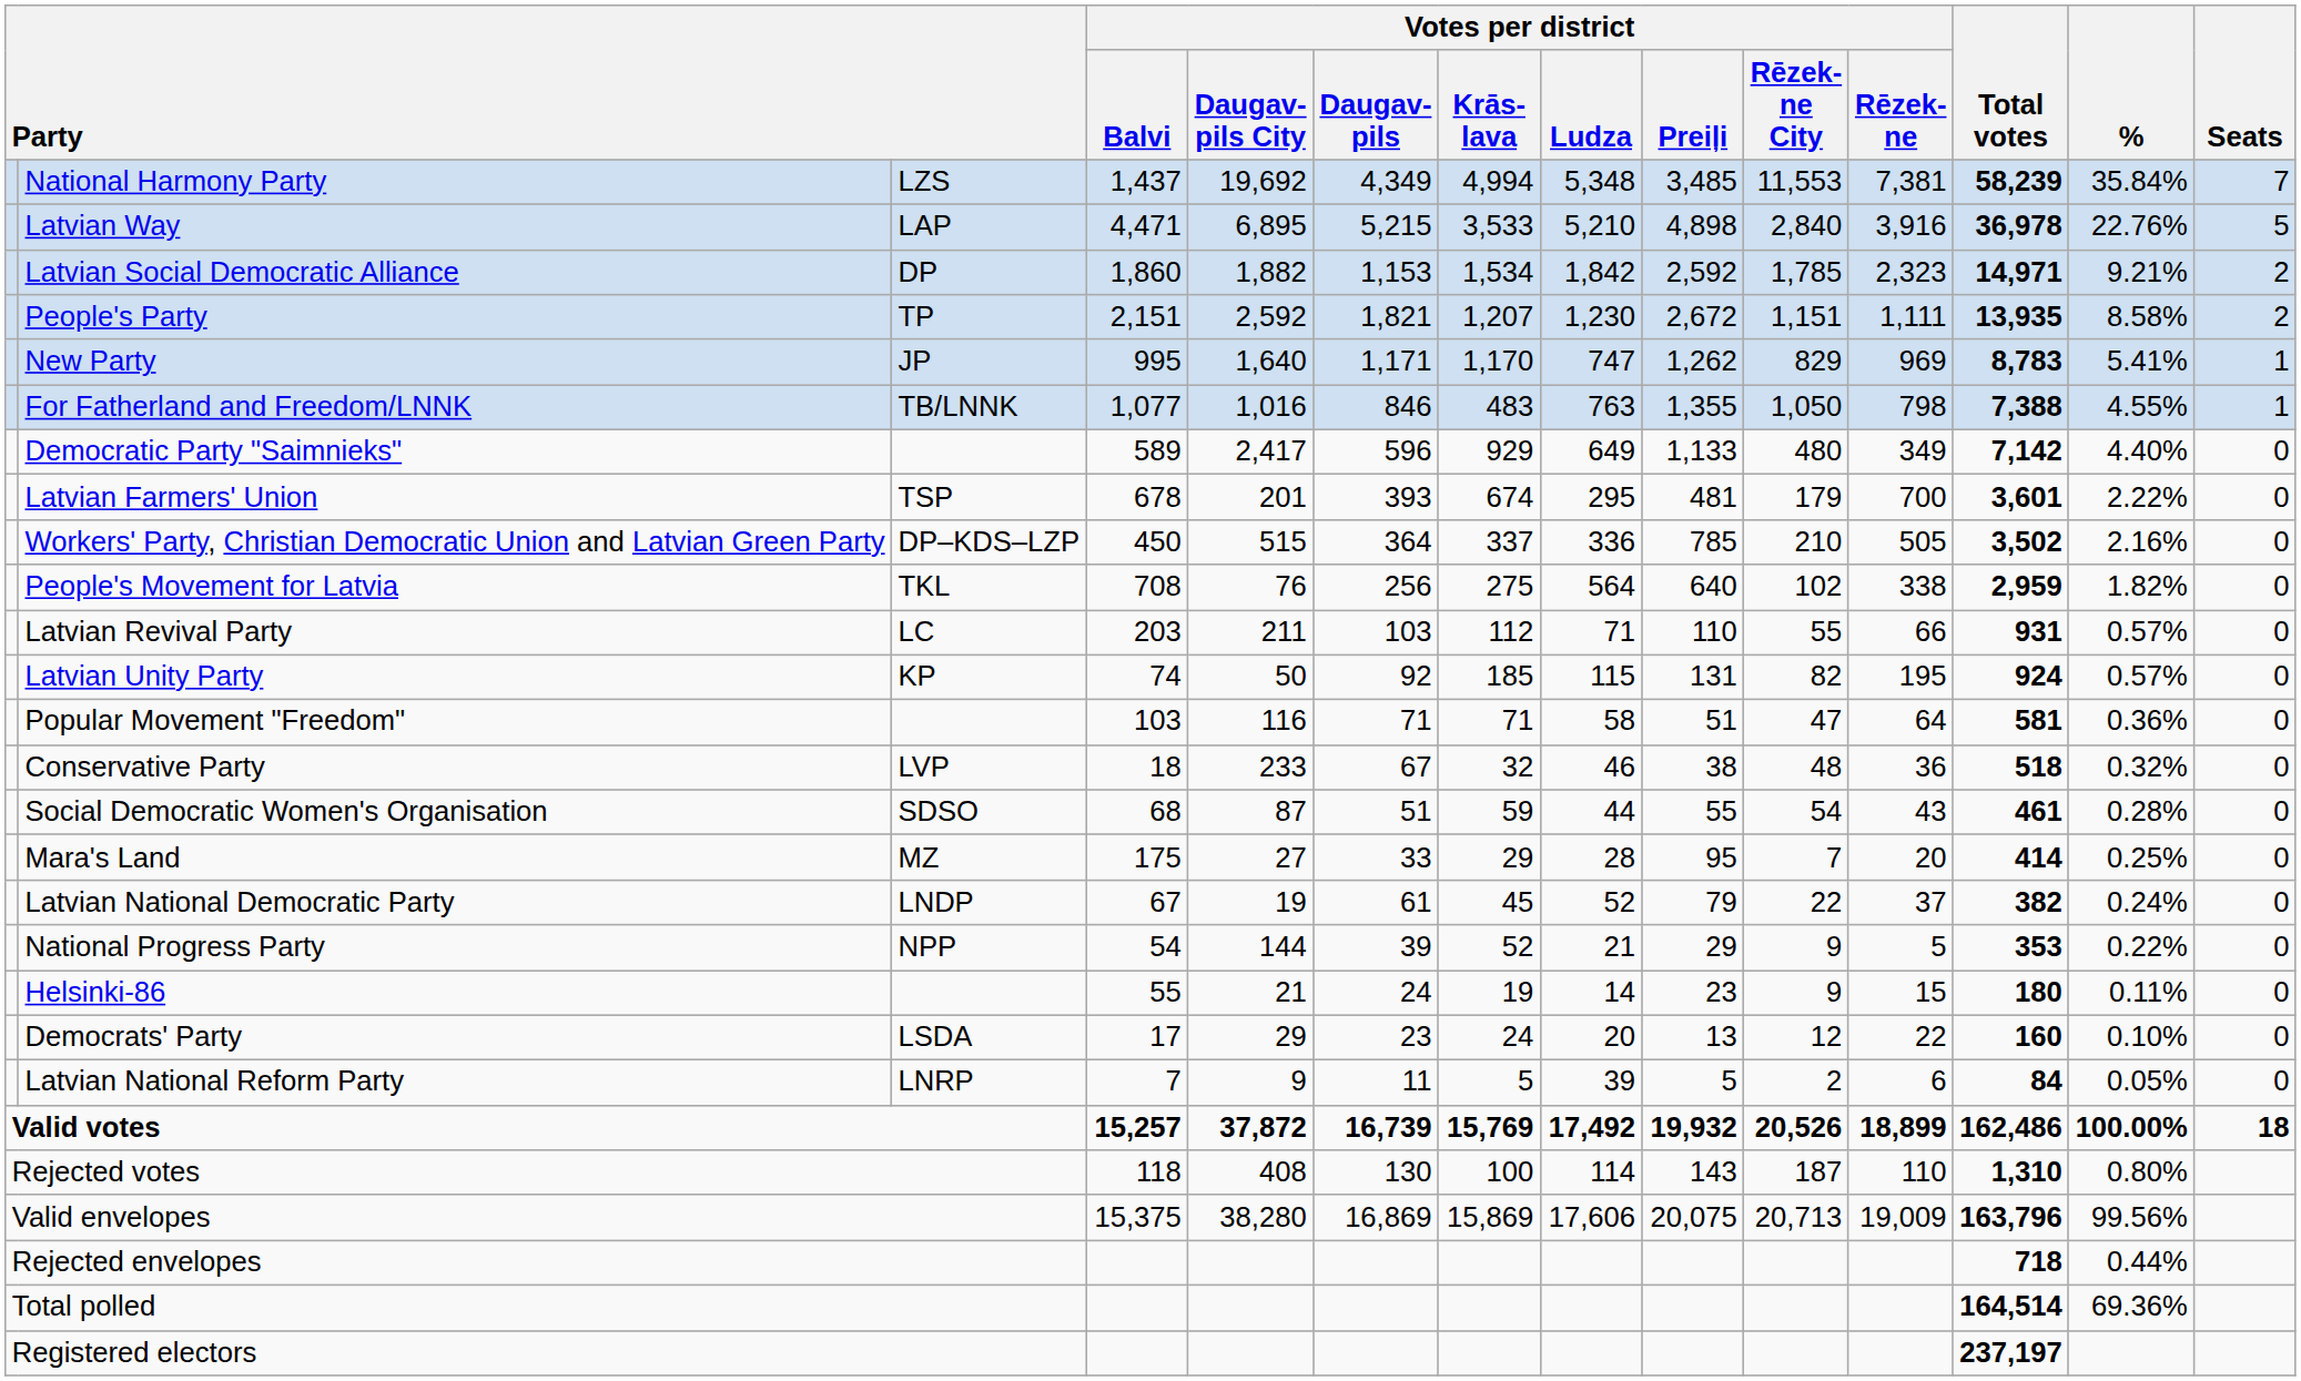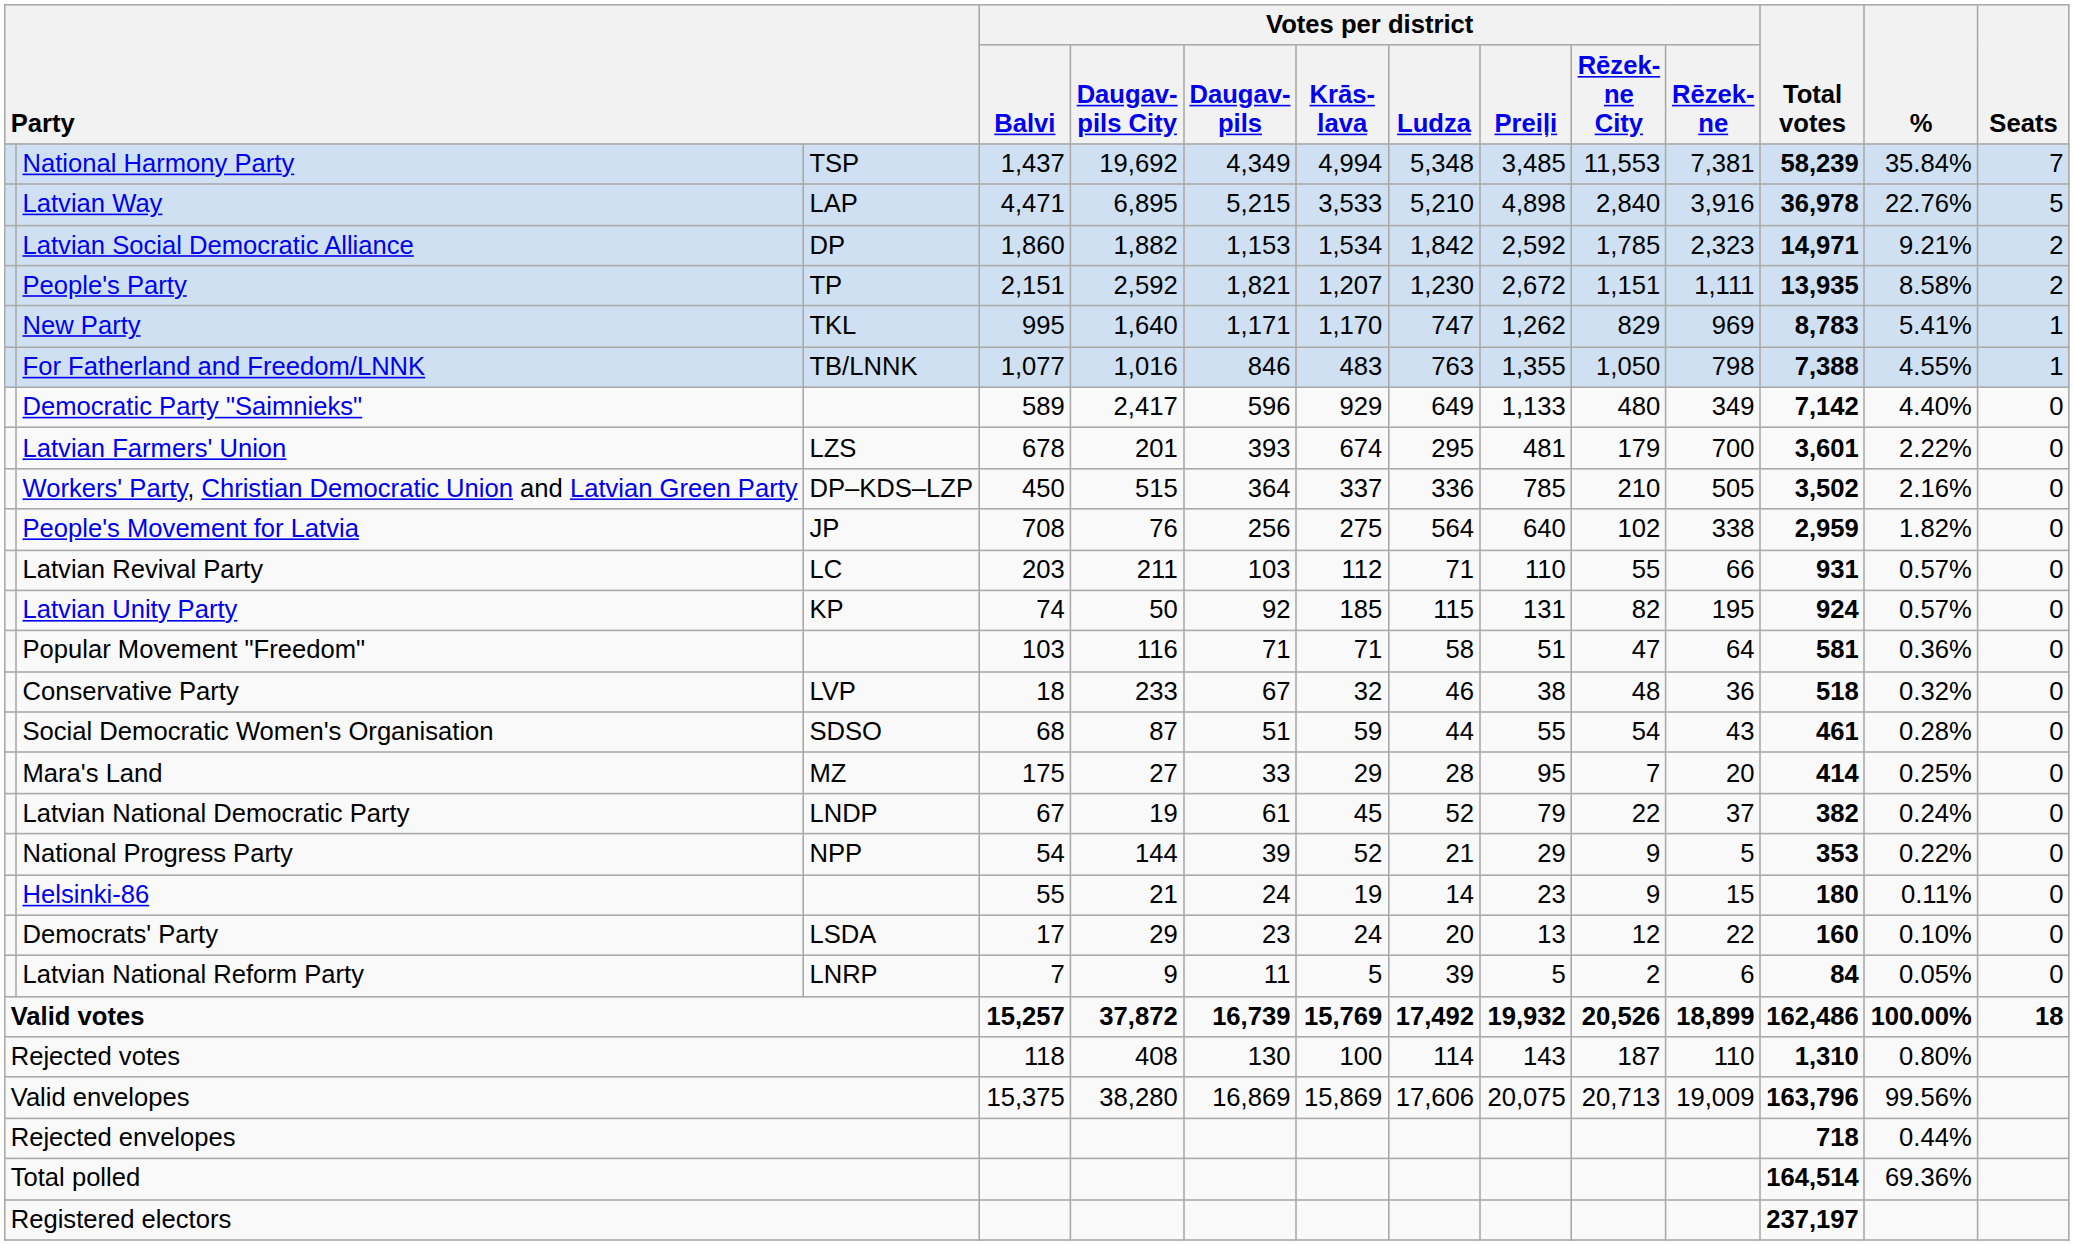 <table class="wikitable" border="1" style="text-align:right;">
 <tr>
 <th style="text-align:left;" valign=bottom rowspan=2 colspan=3>Party</th>
 <th colspan=8>Votes per district</th>
 <th align=center valign=bottom rowspan=2 width="50">Total votes</th>
 <th align=center valign=bottom rowspan=2 width="50">%</th>
 <th align=center valign=bottom rowspan=2 width="50">Seats</th>
 </tr>
 <tr>
 <th align=center valign=bottom width="50"><a href='#'>Balvi</a></th>
 <th align=center valign=bottom width="50"><a href='#'>Daugav- pils City</a></th>
 <th align=center valign=bottom width="50"><a href='#'>Daugav- pils</a></th>
 <th align=center valign=bottom width="50"><a href='#'>Krās- lava</a></th>
 <th align=center valign=bottom width="50"><a href='#'>Ludza</a></th>
 <th align=center valign=bottom width="50"><a href='#'>Preiļi</a></th>
 <th align=center valign=bottom width="50"><a href='#'>Rēzek- ne City</a></th>
 <th align=center valign=bottom width="50"><a href='#'>Rēzek- ne</a></th>
 </tr>
 <tr style="background:#CEE0F2;">
 <td></td>
 <td align=left><a href='#'>National Harmony Party</a></td>
-<td align=left>LZS</td>
+<td align=left>TSP</td>
 <td>1,437</td>
 <td>19,692</td>
 <td>4,349</td>
 <td>4,994</td>
 <td>5,348</td>
 <td>3,485</td>
 <td>11,553</td>
 <td>7,381</td>
 <td><strong>58,239</strong></td>
 <td>35.84%</td>
 <td>7</td>
 </tr>
 <tr style="background:#CEE0F2;">
 <td></td>
 <td align=left><a href='#'>Latvian Way</a></td>
 <td align=left>LAP</td>
 <td>4,471</td>
 <td>6,895</td>
 <td>5,215</td>
 <td>3,533</td>
 <td>5,210</td>
 <td>4,898</td>
 <td>2,840</td>
 <td>3,916</td>
 <td><strong>36,978</strong></td>
 <td>22.76%</td>
 <td>5</td>
 </tr>
 <tr style="background:#CEE0F2;">
 <td></td>
 <td align=left style="white-space: nowrap;"><a href='#'>Latvian Social Democratic Alliance</a></td>
 <td align=left>DP</td>
 <td>1,860</td>
 <td>1,882</td>
 <td>1,153</td>
 <td>1,534</td>
 <td>1,842</td>
 <td>2,592</td>
 <td>1,785</td>
 <td>2,323</td>
 <td><strong>14,971</strong></td>
 <td>9.21%</td>
 <td>2</td>
 </tr>
 <tr style="background:#CEE0F2;">
 <td></td>
 <td align=left><a href='#'>People's Party</a></td>
 <td align=left>TP</td>
 <td>2,151</td>
 <td>2,592</td>
 <td>1,821</td>
 <td>1,207</td>
 <td>1,230</td>
 <td>2,672</td>
 <td>1,151</td>
 <td>1,111</td>
 <td><strong>13,935</strong></td>
 <td>8.58%</td>
 <td>2</td>
 </tr>
 <tr style="background:#CEE0F2;">
 <td></td>
 <td align=left><a href='#'>New Party</a></td>
-<td align=left>JP</td>
+<td align=left>TKL</td>
 <td>995</td>
 <td>1,640</td>
 <td>1,171</td>
 <td>1,170</td>
 <td>747</td>
 <td>1,262</td>
 <td>829</td>
 <td>969</td>
 <td><strong>8,783</strong></td>
 <td>5.41%</td>
 <td>1</td>
 </tr>
 <tr style="background:#CEE0F2;">
 <td></td>
 <td align=left><a href='#'>For Fatherland and Freedom/LNNK</a></td>
 <td align=left>TB/LNNK</td>
 <td>1,077</td>
 <td>1,016</td>
 <td>846</td>
 <td>483</td>
 <td>763</td>
 <td>1,355</td>
 <td>1,050</td>
 <td>798</td>
 <td><strong>7,388</strong></td>
 <td>4.55%</td>
 <td>1</td>
 </tr>
 <tr>
 <td></td>
 <td align=left><a href='#'>Democratic Party "Saimnieks"</a></td>
 <td align=left></td>
 <td>589</td>
 <td>2,417</td>
 <td>596</td>
 <td>929</td>
 <td>649</td>
 <td>1,133</td>
 <td>480</td>
 <td>349</td>
 <td><strong>7,142</strong></td>
 <td>4.40%</td>
 <td>0</td>
 </tr>
 <tr>
 <td></td>
 <td align=left><a href='#'>Latvian Farmers' Union</a></td>
-<td align=left>TSP</td>
+<td align=left>LZS</td>
 <td>678</td>
 <td>201</td>
 <td>393</td>
 <td>674</td>
 <td>295</td>
 <td>481</td>
 <td>179</td>
 <td>700</td>
 <td><strong>3,601</strong></td>
 <td>2.22%</td>
 <td>0</td>
 </tr>
 <tr>
 <td></td>
 <td align=left><a href='#'>Workers' Party</a>, <a href='#'>Christian Democratic Union</a> and <a href='#'>Latvian Green Party</a></td>
 <td align=left>DP–KDS–LZP</td>
 <td>450</td>
 <td>515</td>
 <td>364</td>
 <td>337</td>
 <td>336</td>
 <td>785</td>
 <td>210</td>
 <td>505</td>
 <td><strong>3,502</strong></td>
 <td>2.16%</td>
 <td>0</td>
 </tr>
 <tr>
 <td></td>
 <td align=left><a href='#'>People's Movement for Latvia</a></td>
-<td align=left>TKL</td>
+<td align=left>JP</td>
 <td>708</td>
 <td>76</td>
 <td>256</td>
 <td>275</td>
 <td>564</td>
 <td>640</td>
 <td>102</td>
 <td>338</td>
 <td><strong>2,959</strong></td>
 <td>1.82%</td>
 <td>0</td>
 </tr>
 <tr>
 <td></td>
 <td align=left>Latvian Revival Party</td>
 <td align=left>LC</td>
 <td>203</td>
 <td>211</td>
 <td>103</td>
 <td>112</td>
 <td>71</td>
 <td>110</td>
 <td>55</td>
 <td>66</td>
 <td><strong>931</strong></td>
 <td>0.57%</td>
 <td>0</td>
 </tr>
 <tr>
 <td></td>
 <td align=left><a href='#'>Latvian Unity Party</a></td>
 <td align=left>KP</td>
 <td>74</td>
 <td>50</td>
 <td>92</td>
 <td>185</td>
 <td>115</td>
 <td>131</td>
 <td>82</td>
 <td>195</td>
 <td><strong>924</strong></td>
 <td>0.57%</td>
 <td>0</td>
 </tr>
 <tr>
 <td></td>
 <td align=left>Popular Movement "Freedom"</td>
 <td align=left></td>
 <td>103</td>
 <td>116</td>
 <td>71</td>
 <td>71</td>
 <td>58</td>
 <td>51</td>
 <td>47</td>
 <td>64</td>
 <td><strong>581</strong></td>
 <td>0.36%</td>
 <td>0</td>
 </tr>
 <tr>
 <td></td>
 <td align=left>Conservative Party</td>
 <td align=left>LVP</td>
 <td>18</td>
 <td>233</td>
 <td>67</td>
 <td>32</td>
 <td>46</td>
 <td>38</td>
 <td>48</td>
 <td>36</td>
 <td><strong>518</strong></td>
 <td>0.32%</td>
 <td>0</td>
 </tr>
 <tr>
 <td></td>
 <td align=left>Social Democratic Women's Organisation</td>
 <td align=left>SDSO</td>
 <td>68</td>
 <td>87</td>
 <td>51</td>
 <td>59</td>
 <td>44</td>
 <td>55</td>
 <td>54</td>
 <td>43</td>
 <td><strong>461</strong></td>
 <td>0.28%</td>
 <td>0</td>
 </tr>
 <tr>
 <td></td>
 <td align=left>Mara's Land</td>
 <td align=left>MZ</td>
 <td>175</td>
 <td>27</td>
 <td>33</td>
 <td>29</td>
 <td>28</td>
 <td>95</td>
 <td>7</td>
 <td>20</td>
 <td><strong>414</strong></td>
 <td>0.25%</td>
 <td>0</td>
 </tr>
 <tr>
 <td></td>
 <td align=left>Latvian National Democratic Party</td>
 <td align=left>LNDP</td>
 <td>67</td>
 <td>19</td>
 <td>61</td>
 <td>45</td>
 <td>52</td>
 <td>79</td>
 <td>22</td>
 <td>37</td>
 <td><strong>382</strong></td>
 <td>0.24%</td>
 <td>0</td>
 </tr>
 <tr>
 <td></td>
 <td align=left>National Progress Party</td>
 <td align=left>NPP</td>
 <td>54</td>
 <td>144</td>
 <td>39</td>
 <td>52</td>
 <td>21</td>
 <td>29</td>
 <td>9</td>
 <td>5</td>
 <td><strong>353</strong></td>
 <td>0.22%</td>
 <td>0</td>
 </tr>
 <tr>
 <td></td>
 <td align=left><a href='#'>Helsinki-86</a></td>
 <td align=left></td>
 <td>55</td>
 <td>21</td>
 <td>24</td>
 <td>19</td>
 <td>14</td>
 <td>23</td>
 <td>9</td>
 <td>15</td>
 <td><strong>180</strong></td>
 <td>0.11%</td>
 <td>0</td>
 </tr>
 <tr>
 <td></td>
 <td align=left>Democrats' Party</td>
 <td align=left>LSDA</td>
 <td>17</td>
 <td>29</td>
 <td>23</td>
 <td>24</td>
 <td>20</td>
 <td>13</td>
 <td>12</td>
 <td>22</td>
 <td><strong>160</strong></td>
 <td>0.10%</td>
 <td>0</td>
 </tr>
 <tr>
 <td></td>
 <td align=left>Latvian National Reform Party</td>
 <td align=left>LNRP</td>
 <td>7</td>
 <td>9</td>
 <td>11</td>
 <td>5</td>
 <td>39</td>
 <td>5</td>
 <td>2</td>
 <td>6</td>
 <td><strong>84</strong></td>
 <td>0.05%</td>
 <td>0</td>
 </tr>
 <tr style="font-weight:bold">
 <td align=left colspan=3>Valid votes</td>
 <td>15,257</td>
 <td>37,872</td>
 <td>16,739</td>
 <td>15,769</td>
 <td>17,492</td>
 <td>19,932</td>
 <td>20,526</td>
 <td>18,899</td>
 <td>162,486</td>
 <td>100.00%</td>
 <td>18</td>
 </tr>
 <tr>
 <td align=left colspan=3>Rejected votes</td>
 <td>118</td>
 <td>408</td>
 <td>130</td>
 <td>100</td>
 <td>114</td>
 <td>143</td>
 <td>187</td>
 <td>110</td>
 <td><strong>1,310</strong></td>
 <td>0.80%</td>
 <td></td>
 </tr>
 <tr>
 <td align=left colspan=3>Valid envelopes</td>
 <td>15,375</td>
 <td>38,280</td>
 <td>16,869</td>
 <td>15,869</td>
 <td>17,606</td>
 <td>20,075</td>
 <td>20,713</td>
 <td>19,009</td>
 <td><strong>163,796</strong></td>
 <td>99.56%</td>
 <td></td>
 </tr>
 <tr>
 <td align=left colspan=3>Rejected envelopes</td>
 <td></td>
 <td></td>
 <td></td>
 <td></td>
 <td></td>
 <td></td>
 <td></td>
 <td></td>
 <td><strong>718</strong></td>
 <td>0.44%</td>
 <td></td>
 </tr>
 <tr>
 <td align=left colspan=3>Total polled</td>
 <td></td>
 <td></td>
 <td></td>
 <td></td>
 <td></td>
 <td></td>
 <td></td>
 <td></td>
 <td><strong>164,514</strong></td>
 <td>69.36%</td>
 <td></td>
 </tr>
 <tr>
 <td align=left colspan=3>Registered electors</td>
 <td></td>
 <td></td>
 <td></td>
 <td></td>
 <td></td>
 <td></td>
 <td></td>
 <td></td>
 <td><strong>237,197</strong></td>
 <td></td>
 <td></td>
 </tr>
 </table>
